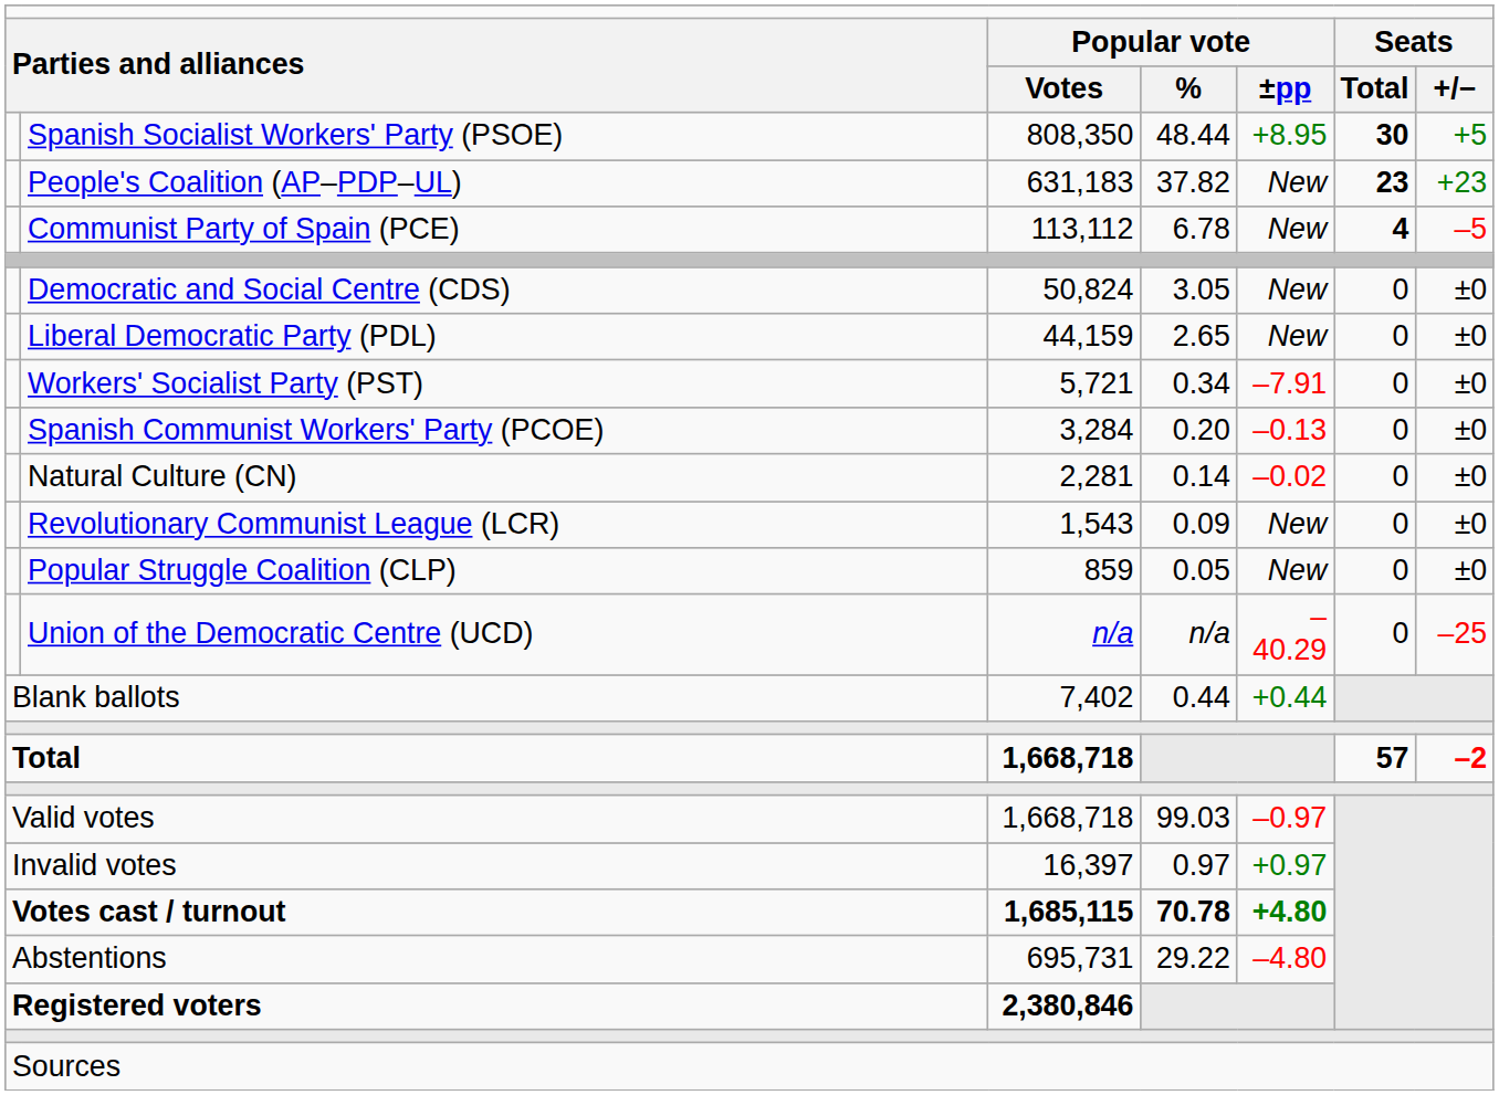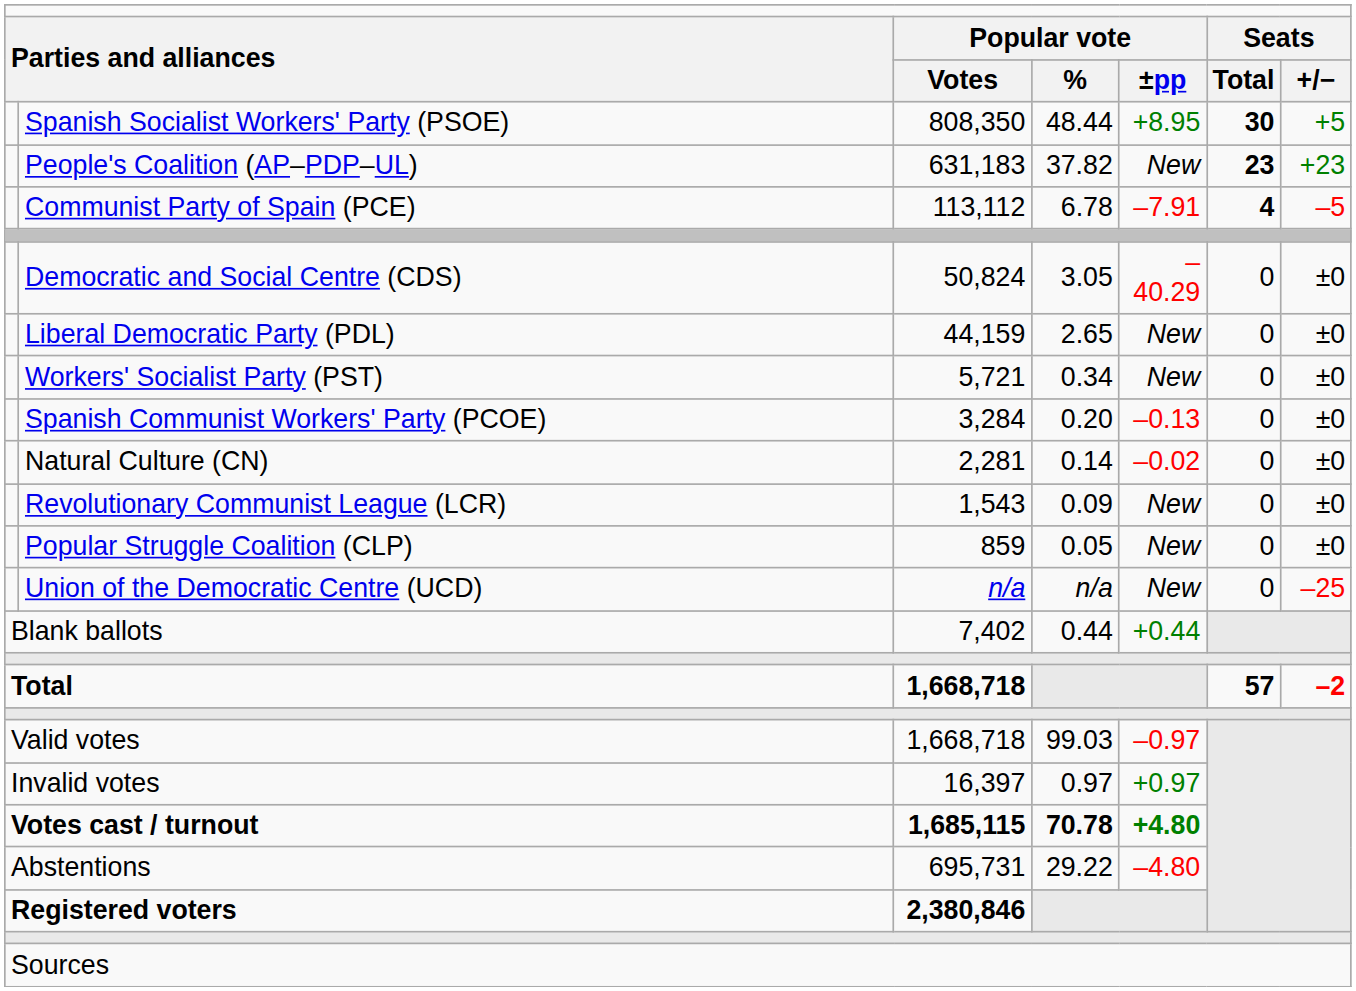 <table class="wikitable" style="text-align:right;">
 <tr>
 <td colspan="7"></td>
 </tr>
 <tr>
 <th style="text-align:left;" rowspan="2" colspan="2" width="525">Parties and alliances</th>
 <th colspan="3">Popular vote</th>
 <th colspan="2">Seats</th>
 </tr>
 <tr>
 <th width="75">Votes</th>
 <th width="45">%</th>
 <th width="45">±<a href='#'>pp</a></th>
 <th width="35">Total</th>
 <th width="35">+/−</th>
 </tr>
 <tr>
 <td width="1" style="color:inherit;background:"></td>
 <td align="left"><a href='#'>Spanish Socialist Workers' Party</a> (PSOE)</td>
 <td>808,350</td>
 <td>48.44</td>
 <td style="color:green;">+8.95</td>
 <td><strong>30</strong></td>
 <td style="color:green;">+5</td>
 </tr>
 <tr>
 <td style="color:inherit;background:"></td>
 <td align="left"><a href='#'>People's Coalition</a> (<a href='#'>AP</a>–<a href='#'>PDP</a>–<a href='#'>UL</a>)</td>
 <td>631,183</td>
 <td>37.82</td>
 <td><em>New</em></td>
 <td><strong>23</strong></td>
 <td style="color:green;">+23</td>
 </tr>
 <tr>
 <td style="color:inherit;background:"></td>
 <td align="left"><a href='#'>Communist Party of Spain</a> (PCE)</td>
 <td>113,112</td>
 <td>6.78</td>
-<td><em>New</em></td>
+<td style="color:red;">–7.91</td>
 <td><strong>4</strong></td>
 <td style="color:red;">–5</td>
 </tr>
 <tr>
 <td colspan="7" bgcolor="#C0C0C0"></td>
 </tr>
 <tr>
 <td style="color:inherit;background:"></td>
 <td align="left"><a href='#'>Democratic and Social Centre</a> (CDS)</td>
 <td>50,824</td>
 <td>3.05</td>
-<td><em>New</em></td>
+<td style="color:red;">–40.29</td>
 <td>0</td>
 <td>±0</td>
 </tr>
 <tr>
 <td style="color:inherit;background:"></td>
 <td align="left"><a href='#'>Liberal Democratic Party</a> (PDL)</td>
 <td>44,159</td>
 <td>2.65</td>
 <td><em>New</em></td>
 <td>0</td>
 <td>±0</td>
 </tr>
 <tr>
 <td style="color:inherit;background:"></td>
 <td align="left"><a href='#'>Workers' Socialist Party</a> (PST)</td>
 <td>5,721</td>
 <td>0.34</td>
-<td style="color:red;">–7.91</td>
+<td><em>New</em></td>
 <td>0</td>
 <td>±0</td>
 </tr>
 <tr>
 <td style="color:inherit;background:"></td>
 <td align="left"><a href='#'>Spanish Communist Workers' Party</a> (PCOE)</td>
 <td>3,284</td>
 <td>0.20</td>
 <td style="color:red;">–0.13</td>
 <td>0</td>
 <td>±0</td>
 </tr>
 <tr>
 <td style="color:inherit;background:"></td>
 <td align="left">Natural Culture (CN)</td>
 <td>2,281</td>
 <td>0.14</td>
 <td style="color:red;">–0.02</td>
 <td>0</td>
 <td>±0</td>
 </tr>
 <tr>
 <td style="color:inherit;background:"></td>
 <td align="left"><a href='#'>Revolutionary Communist League</a> (LCR)</td>
 <td>1,543</td>
 <td>0.09</td>
 <td><em>New</em></td>
 <td>0</td>
 <td>±0</td>
 </tr>
 <tr>
 <td style="color:inherit;background:"></td>
 <td align="left"><a href='#'>Popular Struggle Coalition</a> (CLP)</td>
 <td>859</td>
 <td>0.05</td>
 <td><em>New</em></td>
 <td>0</td>
 <td>±0</td>
 </tr>
 <tr>
 <td style="color:inherit;background:"></td>
 <td align="left"><a href='#'>Union of the Democratic Centre</a> (UCD)</td>
 <td><em><a href='#'>n/a</a></em></td>
 <td><em>n/a</em></td>
-<td style="color:red;">–40.29</td>
+<td><em>New</em></td>
 <td>0</td>
 <td style="color:red;">–25</td>
 </tr>
 <tr>
 <td align="left" colspan="2">Blank ballots</td>
 <td>7,402</td>
 <td>0.44</td>
 <td style="color:green;">+0.44</td>
 <td bgcolor="#E9E9E9" colspan="2"></td>
 </tr>
 <tr>
 <td colspan="7" bgcolor="#E9E9E9"></td>
 </tr>
 <tr style="font-weight:bold;">
 <td align="left" colspan="2">Total</td>
 <td>1,668,718</td>
 <td bgcolor="#E9E9E9" colspan="2"></td>
 <td>57</td>
 <td style="color:red;">–2</td>
 </tr>
 <tr>
 <td colspan="7" bgcolor="#E9E9E9"></td>
 </tr>
 <tr>
 <td align="left" colspan="2">Valid votes</td>
 <td>1,668,718</td>
 <td>99.03</td>
 <td style="color:red;">–0.97</td>
 <td bgcolor="#E9E9E9" colspan="2" rowspan="5"></td>
 </tr>
 <tr>
 <td align="left" colspan="2">Invalid votes</td>
 <td>16,397</td>
 <td>0.97</td>
 <td style="color:green;">+0.97</td>
 </tr>
 <tr style="font-weight:bold;">
 <td align="left" colspan="2">Votes cast / turnout</td>
 <td>1,685,115</td>
 <td>70.78</td>
 <td style="color:green;">+4.80</td>
 </tr>
 <tr>
 <td align="left" colspan="2">Abstentions</td>
 <td>695,731</td>
 <td>29.22</td>
 <td style="color:red;">–4.80</td>
 </tr>
 <tr style="font-weight:bold;">
 <td align="left" colspan="2">Registered voters</td>
 <td>2,380,846</td>
 <td bgcolor="#E9E9E9" colspan="2"></td>
 </tr>
 <tr>
 <td colspan="7" bgcolor="#E9E9E9"></td>
 </tr>
 <tr>
 <td align="left" colspan="7">Sources</td>
 </tr>
 </table>
